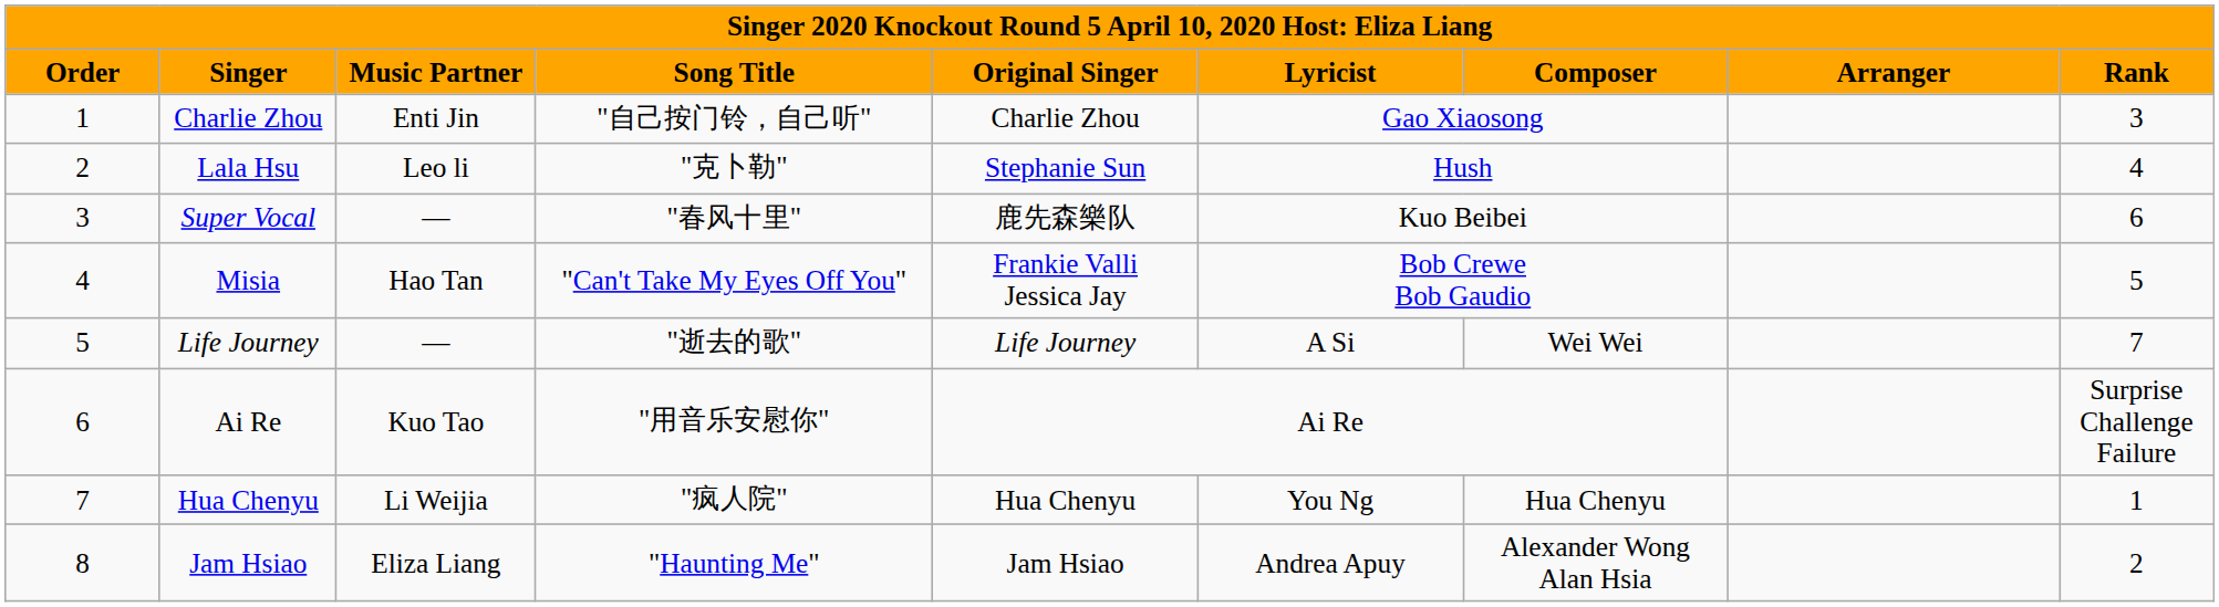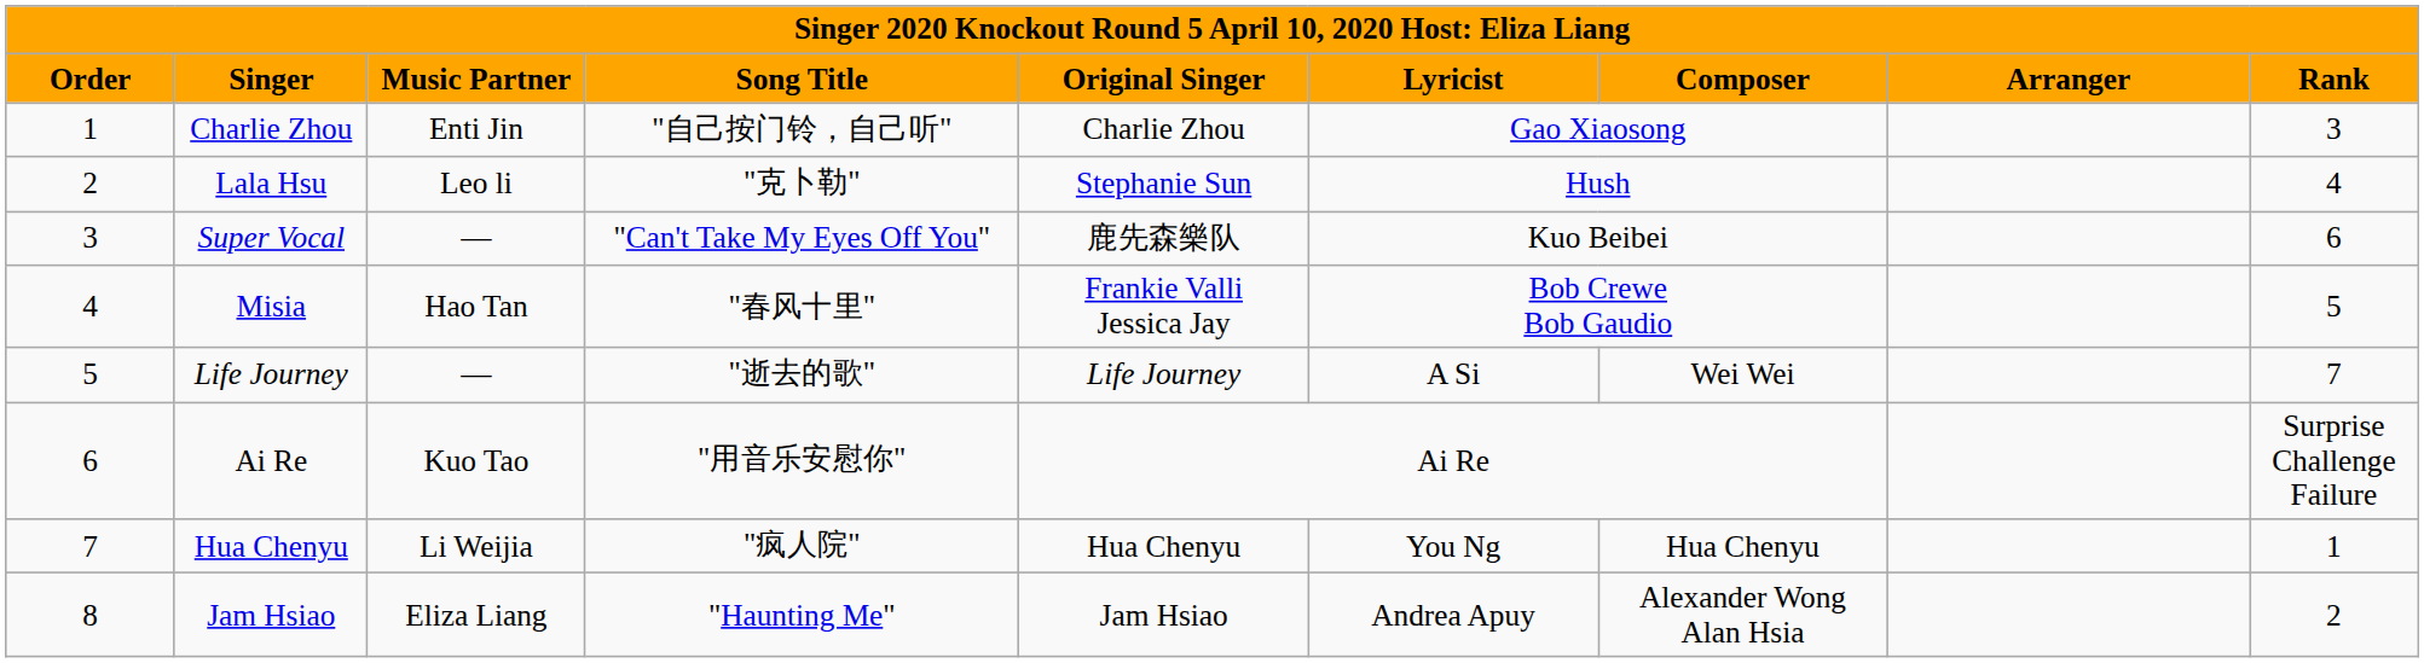 <table class="wikitable sortable mw-collapsible" width="100%" style="text-align:center">
 <tr align=center style="background:orange">
 <td colspan="9"><div><strong>Singer 2020 Knockout Round 5 April 10, 2020 Host: Eliza Liang</strong></div></td>
 </tr>
 <tr style="background:orange">
 <td style="width:7%"><strong>Order</strong></td>
 <td style="width:8%"><strong>Singer</strong></td>
 <td style="width:9%"><strong>Music Partner</strong></td>
 <td style="width:18%"><strong>Song Title</strong></td>
 <td style="width:12%"><strong>Original Singer</strong></td>
 <td style="width:12% "><strong>Lyricist</strong></td>
 <td style="width:12%"><strong>Composer</strong></td>
 <td style="width:15%"><strong>Arranger</strong></td>
 <td style="width:7%"><strong>Rank</strong></td>
 </tr>
 <tr>
 <td>1</td>
 <td><a href='#'>Charlie Zhou</a></td>
 <td>Enti Jin</td>
 <td>"自己按门铃，自己听"</td>
 <td>Charlie Zhou</td>
 <td colspan=2><a href='#'>Gao Xiaosong</a></td>
 <td></td>
 <td>3</td>
 </tr>
 <tr>
 <td>2</td>
 <td><a href='#'>Lala Hsu</a></td>
 <td>Leo li</td>
 <td>"克卜勒"</td>
 <td><a href='#'>Stephanie Sun</a></td>
 <td colspan=2><a href='#'>Hush</a></td>
 <td></td>
 <td>4</td>
 </tr>
 <tr>
 <td>3</td>
 <td><em><a href='#'>Super Vocal</a></em></td>
 <td>—</td>
-<td>"春风十里"</td>
+<td>"<a href='#'>Can't Take My Eyes Off You</a>"</td>
 <td>鹿先森樂队</td>
 <td colspan=2>Kuo Beibei</td>
 <td></td>
 <td>6</td>
 </tr>
 <tr>
 <td>4</td>
 <td><a href='#'>Misia</a></td>
 <td>Hao Tan</td>
-<td>"<a href='#'>Can't Take My Eyes Off You</a>"</td>
+<td>"春风十里"</td>
 <td><a href='#'>Frankie Valli</a><br>Jessica Jay<br></td>
 <td colspan=2><a href='#'>Bob Crewe</a><br><a href='#'>Bob Gaudio</a></td>
 <td></td>
 <td>5</td>
 </tr>
 <tr>
 <td>5</td>
 <td><em>Life Journey</em></td>
 <td>—</td>
 <td>"逝去的歌"</td>
 <td><em>Life Journey</em></td>
 <td>A Si</td>
 <td>Wei Wei</td>
 <td></td>
 <td>7</td>
 </tr>
 <tr>
 <td>6</td>
 <td>Ai Re</td>
 <td>Kuo Tao</td>
 <td>"用音乐安慰你"</td>
 <td colspan=3>Ai Re</td>
 <td></td>
 <td>Surprise Challenge Failure</td>
 </tr>
 <tr>
 <td>7</td>
 <td><a href='#'>Hua Chenyu</a></td>
 <td>Li Weijia</td>
 <td>"疯人院"</td>
 <td>Hua Chenyu</td>
 <td>You Ng</td>
 <td>Hua Chenyu</td>
 <td></td>
 <td>1</td>
 </tr>
 <tr>
 <td>8</td>
 <td><a href='#'>Jam Hsiao</a></td>
 <td>Eliza Liang</td>
 <td>"<a href='#'>Haunting Me</a>"</td>
 <td>Jam Hsiao</td>
 <td>Andrea Apuy</td>
 <td>Alexander Wong<br>Alan Hsia</td>
 <td></td>
 <td>2</td>
 </tr>
 </table>
